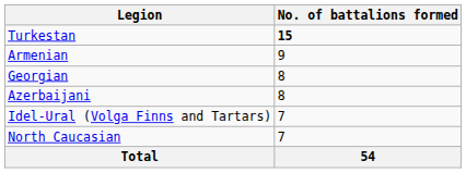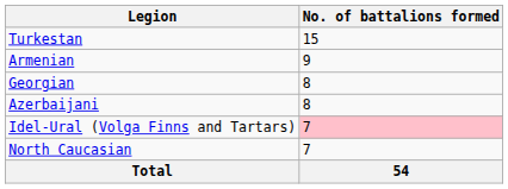 <table class="wikitable">
 <tr>
 <th>Legion</th>
 <th>No. of battalions formed</th>
 </tr>
 <tr>
 <td><a href='#'>Turkestan</a></td>
-<td><strong>15</strong></td>
+<td>15</td>
 </tr>
 <tr>
 <td><a href='#'>Armenian</a></td>
 <td>9</td>
 </tr>
 <tr>
 <td><a href='#'>Georgian</a></td>
 <td>8</td>
 </tr>
 <tr>
 <td><a href='#'>Azerbaijani</a></td>
 <td>8</td>
 </tr>
 <tr>
 <td><a href='#'>Idel-Ural</a> (<a href='#'>Volga Finns</a> and Tartars)</td>
-<td>7</td>
+<td style="background: pink;">7</td>
 </tr>
 <tr>
 <td><a href='#'>North Caucasian</a></td>
 <td>7</td>
 </tr>
 <tr>
 <th>Total</th>
 <th>54</th>
 </tr>
 </table>
